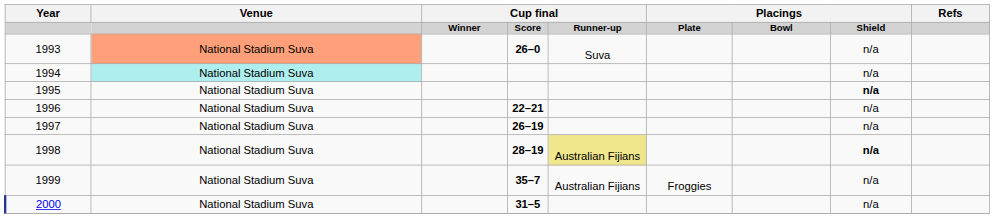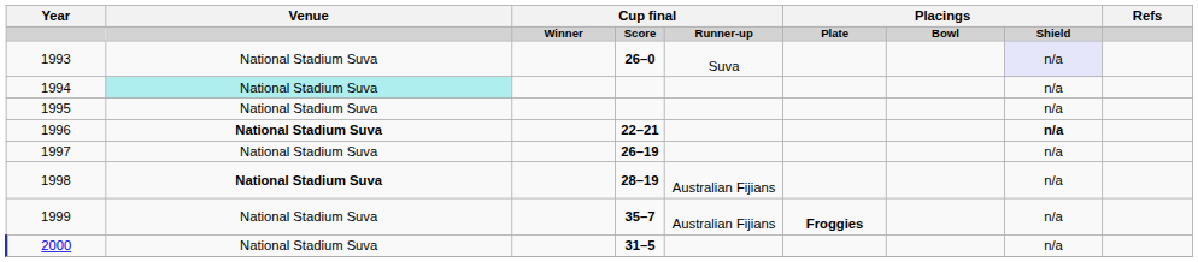 <table class="wikitable" style="font-size:90%; width: 100%; text-align: center;">
 <tr>
 <th>Year</th>
 <th>Venue</th>
 <th colspan=3>Cup final</th>
 <th colspan=3>Placings</th>
 <th style="padding:2px;">Refs</th>
 </tr>
 <tr bgcolor=lightgrey style="line-height:9px; font-size:85%; padding:0px;">
 <td style="border-right:0px;"></td>
 <td style="border-left:0px;"></td>
 <td style="width:8.5em; font-weight:bold;">Winner</td>
 <td style="width:3.9em; padding:2px; font-weight:bold;">Score</td>
 <td style="width:9.8em; font-weight:bold;">Runner-up</td>
 <td style="width:8.5em; font-weight:bold;">Plate</td>
 <td style="width:9.8em; font-weight:bold;">Bowl</td>
 <td style="width:8.0em; font-weight:bold;">Shield</td>
 <td></td>
 </tr>
 <tr>
 <td>1993</td>
-<td style="background: lightsalmon;">National Stadium Suva</td>
+<td>National Stadium Suva</td>
 <td><strong></strong></td>
 <td><strong>26–0</strong></td>
 <td><br>Suva</td>
 <td></td>
 <td></td>
-<td>n/a</td>
+<td style="background: lavender;">n/a</td>
 <td></td>
 </tr>
 <tr>
 <td>1994</td>
 <td style="background: paleturquoise;">National Stadium Suva</td>
 <td></td>
 <td></td>
 <td></td>
 <td></td>
 <td></td>
 <td>n/a</td>
 <td></td>
 </tr>
 <tr>
 <td>1995</td>
 <td>National Stadium Suva</td>
 <td></td>
 <td></td>
 <td></td>
 <td></td>
 <td></td>
-<td><strong>n/a</strong></td>
+<td>n/a</td>
 <td></td>
 </tr>
 <tr>
 <td>1996</td>
-<td>National Stadium Suva</td>
+<td><strong>National Stadium Suva</strong></td>
 <td><strong></strong></td>
 <td><strong>22–21</strong></td>
 <td></td>
 <td></td>
 <td></td>
-<td>n/a</td>
+<td><strong>n/a</strong></td>
 <td></td>
 </tr>
 <tr>
 <td>1997</td>
 <td>National Stadium Suva</td>
 <td><strong></strong></td>
 <td><strong>26–19</strong></td>
 <td></td>
 <td></td>
 <td></td>
 <td>n/a</td>
 <td></td>
 </tr>
 <tr>
 <td>1998</td>
-<td>National Stadium Suva</td>
+<td><strong>National Stadium Suva</strong></td>
 <td><strong></strong></td>
 <td><strong>28–19</strong></td>
-<td style="background: khaki;"><br>Australian Fijians</td>
+<td><br>Australian Fijians</td>
 <td></td>
 <td></td>
-<td><strong>n/a</strong></td>
+<td>n/a</td>
 <td></td>
 </tr>
 <tr>
 <td>1999</td>
 <td>National Stadium Suva</td>
 <td><strong></strong></td>
 <td><strong>35–7</strong></td>
 <td><br>Australian Fijians</td>
-<td><br>Froggies</td>
+<td><strong><br>Froggies</strong></td>
 <td></td>
 <td>n/a</td>
 <td><br></td>
 </tr>
 <tr>
 <td style="border-left:3px solid #28368C;"><a href='#'>2000</a></td>
 <td>National Stadium Suva</td>
 <td><strong></strong></td>
 <td><strong>31–5</strong></td>
 <td></td>
 <td></td>
 <td style="padding:0px;"></td>
 <td>n/a</td>
 <td></td>
 </tr>
 <tr>
 </tr>
 </table>
